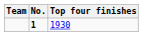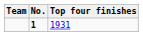 <table class="wikitable" style="text-align: left;">
 <tr>
 <th>Team</th>
 <th width=4>No.</th>
 <th>Top four finishes</th>
 </tr>
 <tr>
 <td></td>
 <td><strong>1</strong></td>
-<td><a href='#'>1930</a></td>
+<td><a href='#'>1931</a></td>
 </tr>
 </table>
